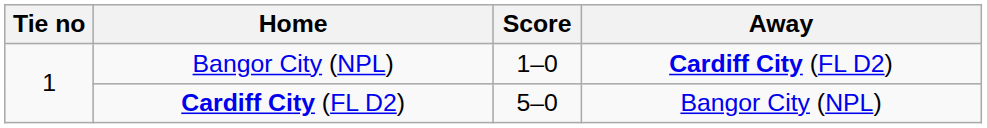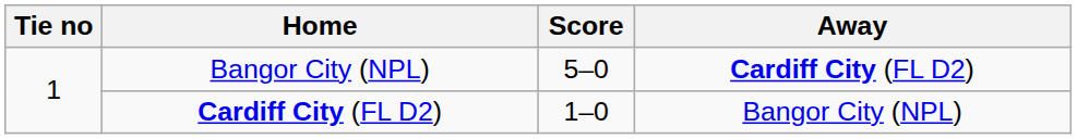 <table class="wikitable" style="text-align:center">
 <tr>
 <th width=50>Tie no</th>
 <th width=250>Home</th>
 <th width=50>Score</th>
 <th width=250>Away</th>
 </tr>
 <tr>
 <td rowspan=2>1</td>
 <td><a href='#'>Bangor City</a> (<a href='#'>NPL</a>)</td>
-<td>1–0</td>
+<td>5–0</td>
 <td><strong><a href='#'>Cardiff City</a></strong> (<a href='#'>FL D2</a>)</td>
 </tr>
 <tr>
 <td><strong><a href='#'>Cardiff City</a></strong> (<a href='#'>FL D2</a>)</td>
-<td>5–0</td>
+<td>1–0</td>
 <td><a href='#'>Bangor City</a> (<a href='#'>NPL</a>)</td>
 </tr>
 </table>
